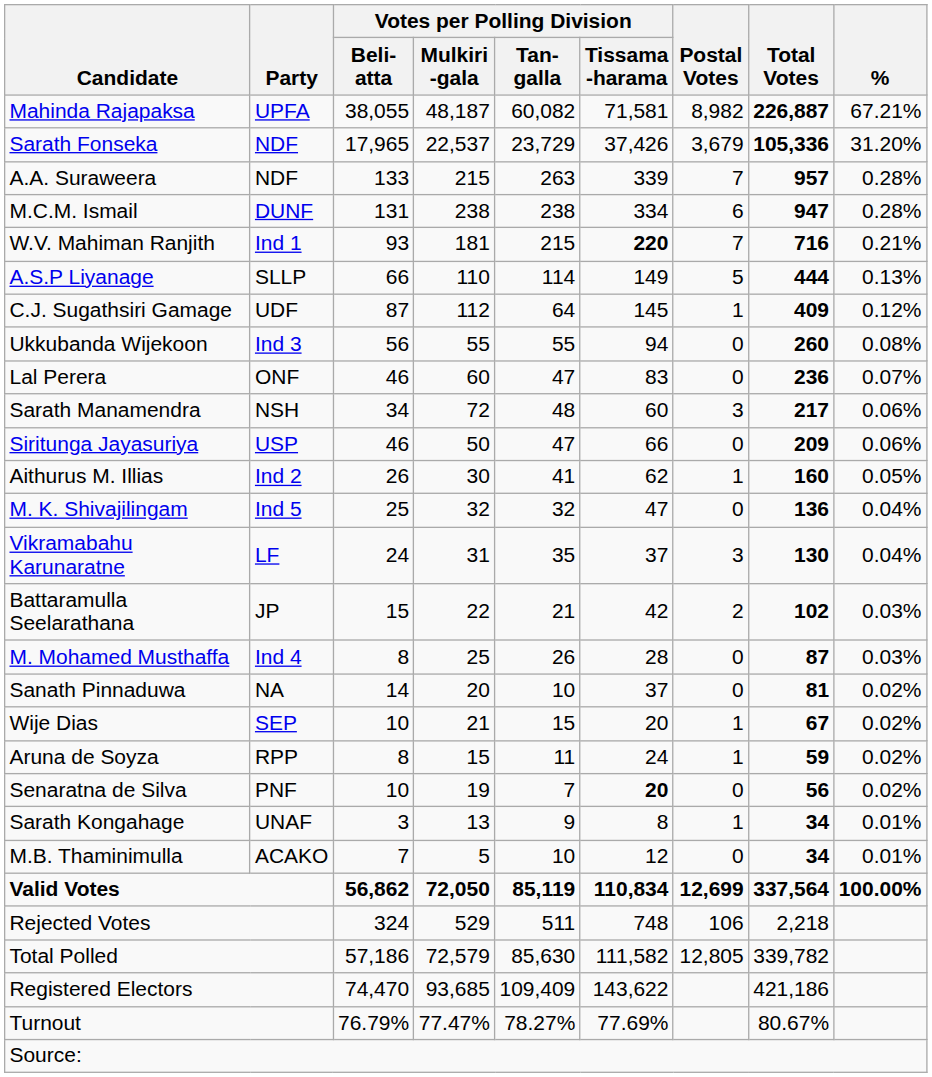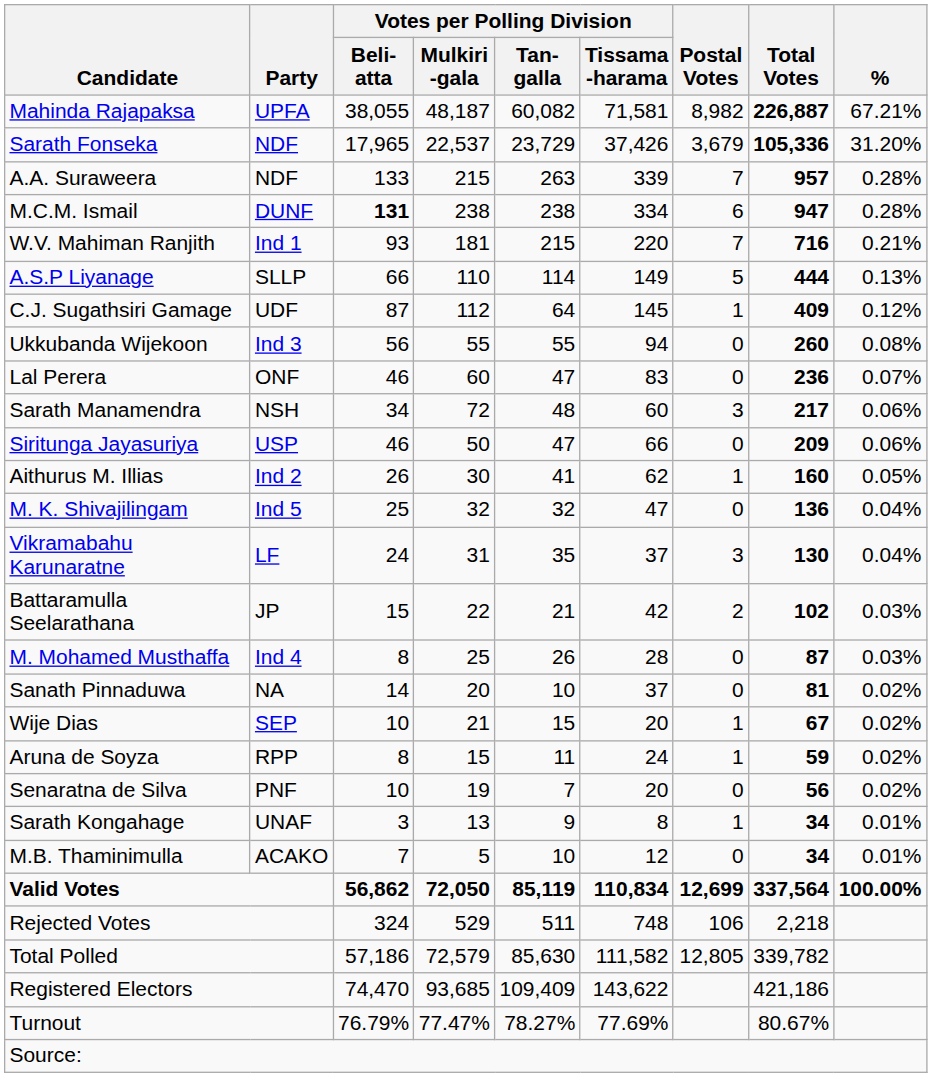 <table class="wikitable" style="text-align:right;">
 <tr>
 <th align=left valign=bottom rowspan=2 width="180">Candidate</th>
 <th align=left valign=bottom rowspan=2 width="40">Party</th>
 <th colspan=4>Votes per Polling Division</th>
 <th align=center valign=bottom rowspan=2 width="50">Postal<br>Votes</th>
 <th align=center valign=bottom rowspan=2 width="50">Total Votes</th>
 <th align=center valign=bottom rowspan=2 width="50">%</th>
 </tr>
 <tr>
 <th align=center valign=bottom width="50">Beli-<br>atta</th>
 <th align=center valign=bottom width="50">Mulkiri<br>-gala</th>
 <th align=center valign=bottom width="50">Tan-<br>galla</th>
 <th align=center valign=bottom width="50">Tissama<br>-harama</th>
 </tr>
 <tr>
 <td align=left><a href='#'>Mahinda Rajapaksa</a></td>
 <td align=left><a href='#'>UPFA</a></td>
 <td>38,055</td>
 <td>48,187</td>
 <td>60,082</td>
 <td>71,581</td>
 <td>8,982</td>
 <td><strong>226,887</strong></td>
 <td>67.21%</td>
 </tr>
 <tr>
 <td align=left><a href='#'>Sarath Fonseka</a></td>
 <td align=left><a href='#'>NDF</a></td>
 <td>17,965</td>
 <td>22,537</td>
 <td>23,729</td>
 <td>37,426</td>
 <td>3,679</td>
 <td><strong>105,336</strong></td>
 <td>31.20%</td>
 </tr>
 <tr>
 <td align=left>A.A. Suraweera</td>
 <td align=left>NDF</td>
 <td>133</td>
 <td>215</td>
 <td>263</td>
 <td>339</td>
 <td>7</td>
 <td><strong>957</strong></td>
 <td>0.28%</td>
 </tr>
 <tr>
 <td align=left>M.C.M. Ismail</td>
 <td align=left><a href='#'>DUNF</a></td>
-<td>131</td>
+<td><strong>131</strong></td>
 <td>238</td>
 <td>238</td>
 <td>334</td>
 <td>6</td>
 <td><strong>947</strong></td>
 <td>0.28%</td>
 </tr>
 <tr>
 <td align=left>W.V. Mahiman Ranjith</td>
 <td align=left><a href='#'>Ind 1</a></td>
 <td>93</td>
 <td>181</td>
 <td>215</td>
-<td><strong>220</strong></td>
+<td>220</td>
 <td>7</td>
 <td><strong>716</strong></td>
 <td>0.21%</td>
 </tr>
 <tr>
 <td align=left><a href='#'>A.S.P Liyanage</a></td>
 <td align=left>SLLP</td>
 <td>66</td>
 <td>110</td>
 <td>114</td>
 <td>149</td>
 <td>5</td>
 <td><strong>444</strong></td>
 <td>0.13%</td>
 </tr>
 <tr>
 <td align=left>C.J. Sugathsiri Gamage</td>
 <td align=left>UDF</td>
 <td>87</td>
 <td>112</td>
 <td>64</td>
 <td>145</td>
 <td>1</td>
 <td><strong>409</strong></td>
 <td>0.12%</td>
 </tr>
 <tr>
 <td align=left>Ukkubanda Wijekoon</td>
 <td align=left><a href='#'>Ind 3</a></td>
 <td>56</td>
 <td>55</td>
 <td>55</td>
 <td>94</td>
 <td>0</td>
 <td><strong>260</strong></td>
 <td>0.08%</td>
 </tr>
 <tr>
 <td align=left>Lal Perera</td>
 <td align=left>ONF</td>
 <td>46</td>
 <td>60</td>
 <td>47</td>
 <td>83</td>
 <td>0</td>
 <td><strong>236</strong></td>
 <td>0.07%</td>
 </tr>
 <tr>
 <td align=left>Sarath Manamendra</td>
 <td align=left>NSH</td>
 <td>34</td>
 <td>72</td>
 <td>48</td>
 <td>60</td>
 <td>3</td>
 <td><strong>217</strong></td>
 <td>0.06%</td>
 </tr>
 <tr>
 <td align=left><a href='#'>Siritunga Jayasuriya</a></td>
 <td align=left><a href='#'>USP</a></td>
 <td>46</td>
 <td>50</td>
 <td>47</td>
 <td>66</td>
 <td>0</td>
 <td><strong>209</strong></td>
 <td>0.06%</td>
 </tr>
 <tr>
 <td align=left>Aithurus M. Illias</td>
 <td align=left><a href='#'>Ind 2</a></td>
 <td>26</td>
 <td>30</td>
 <td>41</td>
 <td>62</td>
 <td>1</td>
 <td><strong>160</strong></td>
 <td>0.05%</td>
 </tr>
 <tr>
 <td align=left><a href='#'>M. K. Shivajilingam</a></td>
 <td align=left><a href='#'>Ind 5</a></td>
 <td>25</td>
 <td>32</td>
 <td>32</td>
 <td>47</td>
 <td>0</td>
 <td><strong>136</strong></td>
 <td>0.04%</td>
 </tr>
 <tr>
 <td align=left><a href='#'>Vikramabahu Karunaratne</a></td>
 <td align=left><a href='#'>LF</a></td>
 <td>24</td>
 <td>31</td>
 <td>35</td>
 <td>37</td>
 <td>3</td>
 <td><strong>130</strong></td>
 <td>0.04%</td>
 </tr>
 <tr>
 <td align=left>Battaramulla Seelarathana</td>
 <td align=left>JP</td>
 <td>15</td>
 <td>22</td>
 <td>21</td>
 <td>42</td>
 <td>2</td>
 <td><strong>102</strong></td>
 <td>0.03%</td>
 </tr>
 <tr>
 <td align=left><a href='#'>M. Mohamed Musthaffa</a></td>
 <td align=left><a href='#'>Ind 4</a></td>
 <td>8</td>
 <td>25</td>
 <td>26</td>
 <td>28</td>
 <td>0</td>
 <td><strong>87</strong></td>
 <td>0.03%</td>
 </tr>
 <tr>
 <td align=left>Sanath Pinnaduwa</td>
 <td align=left>NA</td>
 <td>14</td>
 <td>20</td>
 <td>10</td>
 <td>37</td>
 <td>0</td>
 <td><strong>81</strong></td>
 <td>0.02%</td>
 </tr>
 <tr>
 <td align=left>Wije Dias</td>
 <td align=left><a href='#'>SEP</a></td>
 <td>10</td>
 <td>21</td>
 <td>15</td>
 <td>20</td>
 <td>1</td>
 <td><strong>67</strong></td>
 <td>0.02%</td>
 </tr>
 <tr>
 <td align=left>Aruna de Soyza</td>
 <td align=left>RPP</td>
 <td>8</td>
 <td>15</td>
 <td>11</td>
 <td>24</td>
 <td>1</td>
 <td><strong>59</strong></td>
 <td>0.02%</td>
 </tr>
 <tr>
 <td align=left>Senaratna de Silva</td>
 <td align=left>PNF</td>
 <td>10</td>
 <td>19</td>
 <td>7</td>
-<td><strong>20</strong></td>
+<td>20</td>
 <td>0</td>
 <td><strong>56</strong></td>
 <td>0.02%</td>
 </tr>
 <tr>
 <td align=left>Sarath Kongahage</td>
 <td align=left>UNAF</td>
 <td>3</td>
 <td>13</td>
 <td>9</td>
 <td>8</td>
 <td>1</td>
 <td><strong>34</strong></td>
 <td>0.01%</td>
 </tr>
 <tr>
 <td align=left>M.B. Thaminimulla</td>
 <td align=left>ACAKO</td>
 <td>7</td>
 <td>5</td>
 <td>10</td>
 <td>12</td>
 <td>0</td>
 <td><strong>34</strong></td>
 <td>0.01%</td>
 </tr>
 <tr>
 <td align=left colspan=2><strong>Valid Votes</strong></td>
 <td><strong>56,862</strong></td>
 <td><strong>72,050</strong></td>
 <td><strong>85,119</strong></td>
 <td><strong>110,834</strong></td>
 <td><strong>12,699</strong></td>
 <td><strong>337,564</strong></td>
 <td><strong>100.00%</strong></td>
 </tr>
 <tr>
 <td align=left colspan=2>Rejected Votes</td>
 <td>324</td>
 <td>529</td>
 <td>511</td>
 <td>748</td>
 <td>106</td>
 <td>2,218</td>
 <td></td>
 </tr>
 <tr>
 <td align=left colspan=2>Total Polled</td>
 <td>57,186</td>
 <td>72,579</td>
 <td>85,630</td>
 <td>111,582</td>
 <td>12,805</td>
 <td>339,782</td>
 <td></td>
 </tr>
 <tr>
 <td align=left colspan=2>Registered Electors</td>
 <td>74,470</td>
 <td>93,685</td>
 <td>109,409</td>
 <td>143,622</td>
 <td></td>
 <td>421,186</td>
 <td></td>
 </tr>
 <tr>
 <td align=left colspan=2>Turnout</td>
 <td>76.79%</td>
 <td>77.47%</td>
 <td>78.27%</td>
 <td>77.69%</td>
 <td></td>
 <td>80.67%</td>
 <td></td>
 </tr>
 <tr>
 <td align=left colspan=9>Source:</td>
 </tr>
 </table>
